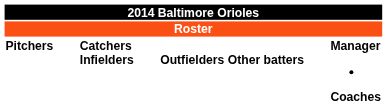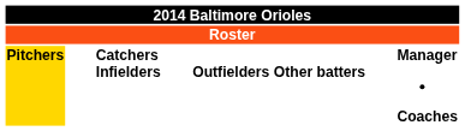 <table class="toccolours" style="font-size: 95%;">
 <tr>
 <th colspan="10" style="background:black; color:#fff; text-align:center;">2014 Baltimore Orioles</th>
 </tr>
 <tr>
 <td colspan="10" style="background:#fb4f14; color:white; text-align:center;"><strong>Roster</strong></td>
 </tr>
 <tr>
-<td valign="top"><strong>Pitchers</strong><br>                   </td>
+<td valign="top" style="background: gold;"><strong>Pitchers</strong><br>                   </td>
 <td style="width:25px;"></td>
 <td valign="top"><strong>Catchers</strong><br>    <strong>Infielders</strong>            </td>
 <td style="width:25px;"></td>
 <td valign="top"><br><strong>Outfielders</strong>        <strong>Other batters</strong> </td>
 <td style="width:25px;"></td>
 <td valign="top"><strong>Manager</strong><br><ul><li></li></ul><strong>Coaches</strong>                </td>
 </tr>
 </table>
